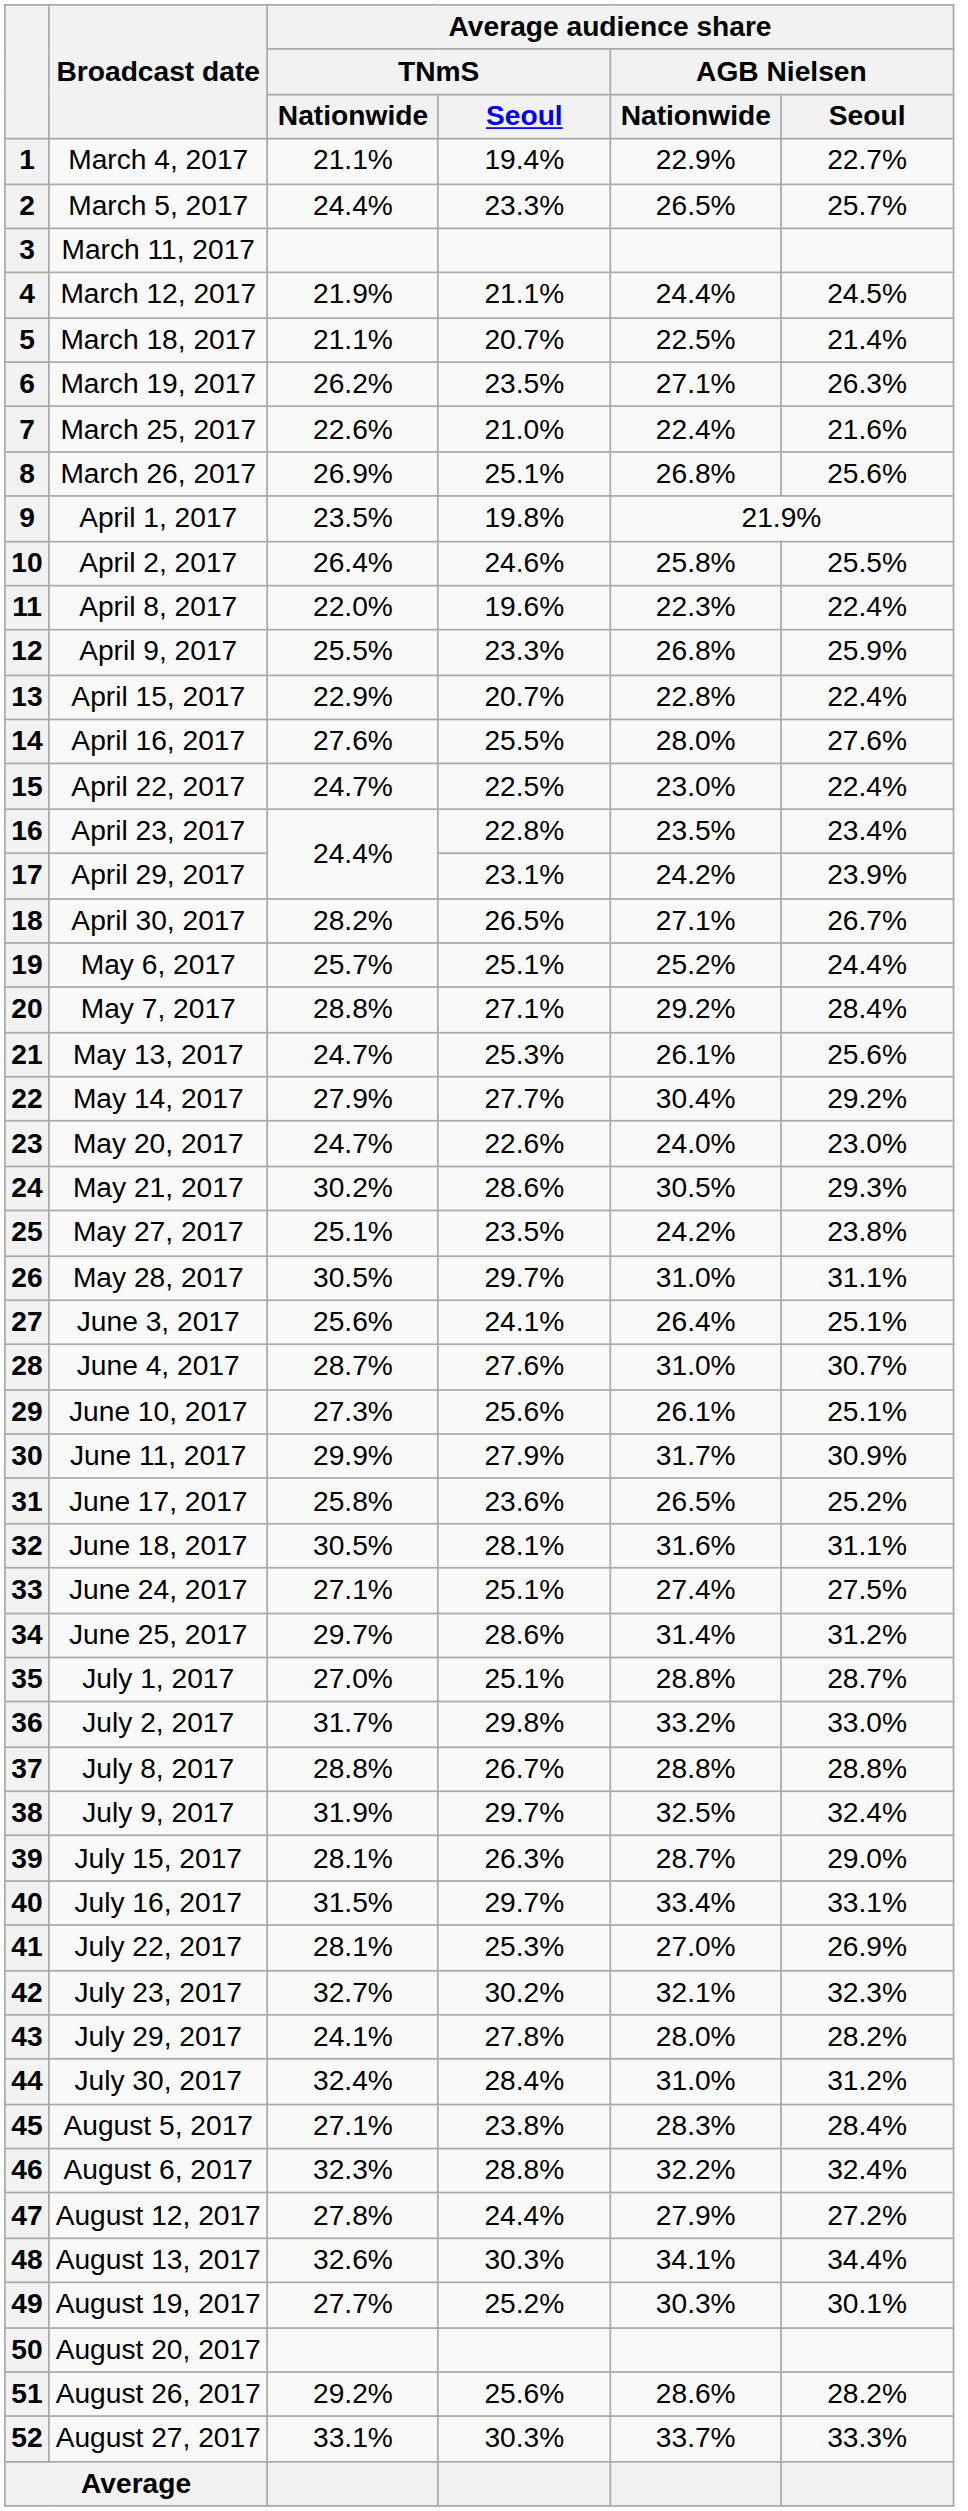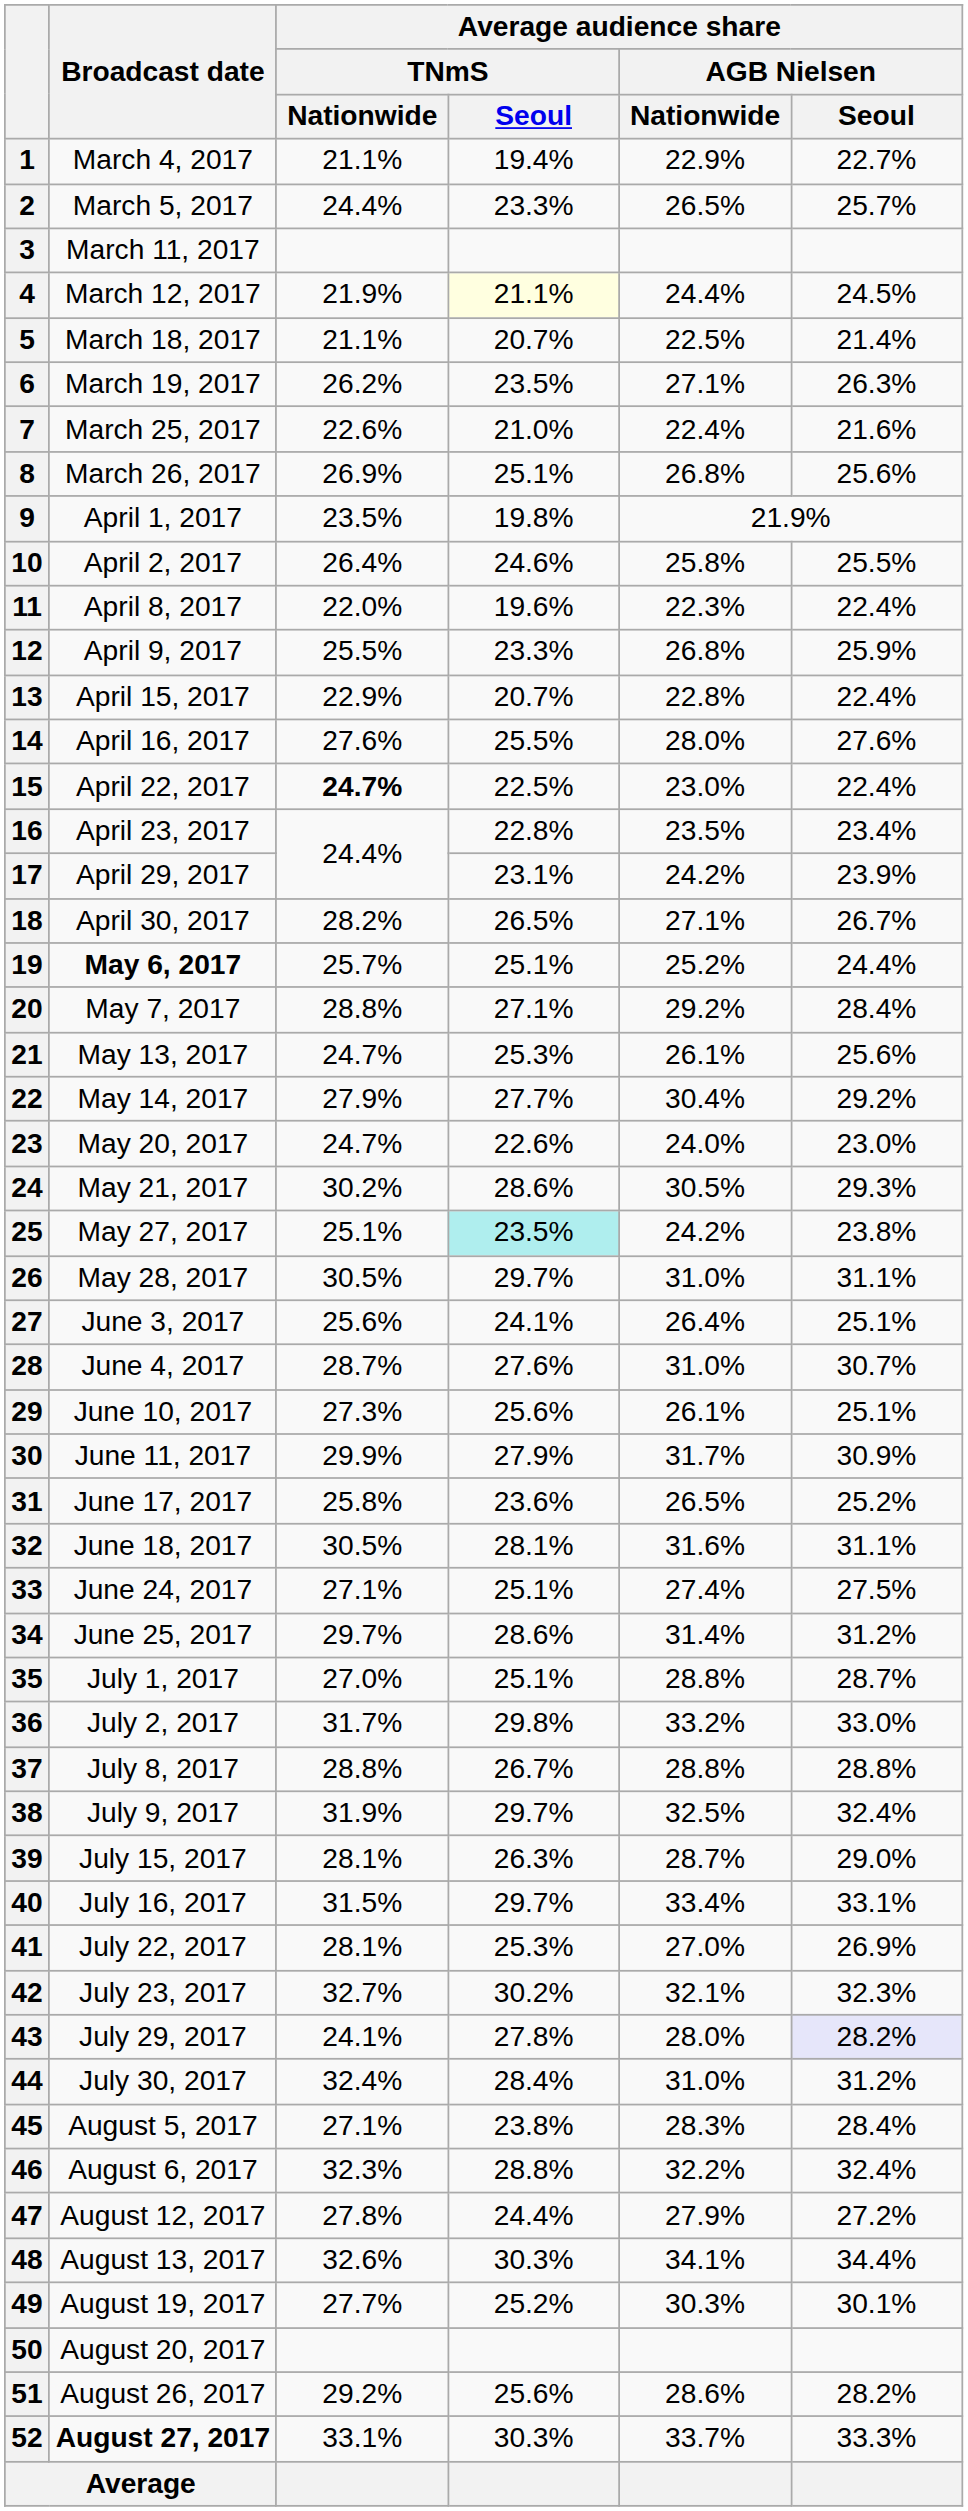 <table class="wikitable" style="text-align:center">
 <tr>
 <th rowspan="3"></th>
 <th rowspan="3">Broadcast date</th>
 <th colspan="4">Average audience share</th>
 </tr>
 <tr>
 <th colspan="2">TNmS</th>
 <th colspan="2">AGB Nielsen</th>
 </tr>
 <tr>
 <th width=90>Nationwide</th>
 <th width=90><a href='#'>Seoul</a></th>
 <th width=90>Nationwide</th>
 <th width=90>Seoul</th>
 </tr>
 <tr>
 <th>1</th>
 <td>March 4, 2017</td>
 <td>21.1% </td>
 <td>19.4% </td>
 <td>22.9% </td>
 <td>22.7% </td>
 </tr>
 <tr>
 <th>2</th>
 <td>March 5, 2017</td>
 <td>24.4% </td>
 <td>23.3% </td>
 <td>26.5% </td>
 <td>25.7% </td>
 </tr>
 <tr>
 <th>3</th>
 <td>March 11, 2017</td>
 <td> </td>
 <td> </td>
 <td> </td>
 <td> </td>
 </tr>
 <tr>
 <th>4</th>
 <td>March 12, 2017</td>
 <td>21.9% </td>
-<td>21.1% </td>
+<td style="background: lightyellow;">21.1% </td>
 <td>24.4% </td>
 <td>24.5% </td>
 </tr>
 <tr>
 <th>5</th>
 <td>March 18, 2017</td>
 <td>21.1% </td>
 <td>20.7% </td>
 <td>22.5% </td>
 <td>21.4% </td>
 </tr>
 <tr>
 <th>6</th>
 <td>March 19, 2017</td>
 <td>26.2% </td>
 <td>23.5% </td>
 <td>27.1% </td>
 <td>26.3% </td>
 </tr>
 <tr>
 <th>7</th>
 <td>March 25, 2017</td>
 <td>22.6% </td>
 <td>21.0% </td>
 <td>22.4% </td>
 <td>21.6% </td>
 </tr>
 <tr>
 <th>8</th>
 <td>March 26, 2017</td>
 <td>26.9% </td>
 <td>25.1% </td>
 <td>26.8% </td>
 <td>25.6% </td>
 </tr>
 <tr>
 <th>9</th>
 <td>April 1, 2017</td>
 <td>23.5% </td>
 <td>19.8% </td>
 <td colspan="2">21.9% </td>
 </tr>
 <tr>
 <th>10</th>
 <td>April 2, 2017</td>
 <td>26.4% </td>
 <td>24.6% </td>
 <td>25.8% </td>
 <td>25.5% </td>
 </tr>
 <tr>
 <th>11</th>
 <td>April 8, 2017</td>
 <td>22.0% </td>
 <td>19.6% </td>
 <td>22.3% </td>
 <td>22.4% </td>
 </tr>
 <tr>
 <th>12</th>
 <td>April 9, 2017</td>
 <td>25.5% </td>
 <td>23.3% </td>
 <td>26.8% </td>
 <td>25.9% </td>
 </tr>
 <tr>
 <th>13</th>
 <td>April 15, 2017</td>
 <td>22.9% </td>
 <td>20.7% </td>
 <td>22.8% </td>
 <td>22.4% </td>
 </tr>
 <tr>
 <th>14</th>
 <td>April 16, 2017</td>
 <td>27.6% </td>
 <td>25.5% </td>
 <td>28.0% </td>
 <td>27.6% </td>
 </tr>
 <tr>
 <th>15</th>
 <td>April 22, 2017</td>
-<td>24.7% </td>
+<td><strong>24.7% </strong></td>
 <td>22.5% </td>
 <td>23.0% </td>
 <td>22.4% </td>
 </tr>
 <tr>
 <th>16</th>
 <td>April 23, 2017</td>
 <td rowspan="2">24.4% </td>
 <td>22.8% </td>
 <td>23.5% </td>
 <td>23.4% </td>
 </tr>
 <tr>
 <th>17</th>
 <td>April 29, 2017</td>
 <td>23.1% </td>
 <td>24.2% </td>
 <td>23.9% </td>
 </tr>
 <tr>
 <th>18</th>
 <td>April 30, 2017</td>
 <td>28.2% </td>
 <td>26.5% </td>
 <td>27.1% </td>
 <td>26.7% </td>
 </tr>
 <tr>
 <th>19</th>
-<td>May 6, 2017</td>
+<td><strong>May 6, 2017</strong></td>
 <td>25.7% </td>
 <td>25.1% </td>
 <td>25.2% </td>
 <td>24.4% </td>
 </tr>
 <tr>
 <th>20</th>
 <td>May 7, 2017</td>
 <td>28.8%  </td>
 <td>27.1% </td>
 <td>29.2% </td>
 <td>28.4% </td>
 </tr>
 <tr>
 <th>21</th>
 <td>May 13, 2017</td>
 <td>24.7% </td>
 <td>25.3% </td>
 <td>26.1% </td>
 <td>25.6% </td>
 </tr>
 <tr>
 <th>22</th>
 <td>May 14, 2017</td>
 <td>27.9% </td>
 <td>27.7% </td>
 <td>30.4% </td>
 <td>29.2% </td>
 </tr>
 <tr>
 <th>23</th>
 <td>May 20, 2017</td>
 <td>24.7% </td>
 <td>22.6% </td>
 <td>24.0% </td>
 <td>23.0% </td>
 </tr>
 <tr>
 <th>24</th>
 <td>May 21, 2017</td>
 <td>30.2% </td>
 <td>28.6% </td>
 <td>30.5% </td>
 <td>29.3% </td>
 </tr>
 <tr>
 <th>25</th>
 <td>May 27, 2017</td>
 <td>25.1% </td>
-<td>23.5% </td>
+<td style="background: paleturquoise;">23.5% </td>
 <td>24.2% </td>
 <td>23.8% </td>
 </tr>
 <tr>
 <th>26</th>
 <td>May 28, 2017</td>
 <td>30.5% </td>
 <td>29.7% </td>
 <td>31.0% </td>
 <td>31.1% </td>
 </tr>
 <tr>
 <th>27</th>
 <td>June 3, 2017</td>
 <td>25.6% </td>
 <td>24.1% </td>
 <td>26.4% </td>
 <td>25.1% </td>
 </tr>
 <tr>
 <th>28</th>
 <td>June 4, 2017</td>
 <td>28.7% </td>
 <td>27.6% </td>
 <td>31.0% </td>
 <td>30.7% </td>
 </tr>
 <tr>
 <th>29</th>
 <td>June 10, 2017</td>
 <td>27.3% </td>
 <td>25.6% </td>
 <td>26.1% </td>
 <td>25.1% </td>
 </tr>
 <tr>
 <th>30</th>
 <td>June 11, 2017</td>
 <td>29.9% </td>
 <td>27.9% </td>
 <td>31.7% </td>
 <td>30.9% </td>
 </tr>
 <tr>
 <th>31</th>
 <td>June 17, 2017</td>
 <td>25.8% </td>
 <td>23.6% </td>
 <td>26.5% </td>
 <td>25.2% </td>
 </tr>
 <tr>
 <th>32</th>
 <td>June 18, 2017</td>
 <td>30.5% </td>
 <td>28.1% </td>
 <td>31.6% </td>
 <td>31.1% </td>
 </tr>
 <tr>
 <th>33</th>
 <td>June 24, 2017</td>
 <td>27.1% </td>
 <td>25.1% </td>
 <td>27.4% </td>
 <td>27.5% </td>
 </tr>
 <tr>
 <th>34</th>
 <td>June 25, 2017</td>
 <td>29.7% </td>
 <td>28.6% </td>
 <td>31.4% </td>
 <td>31.2% </td>
 </tr>
 <tr>
 <th>35</th>
 <td>July 1, 2017</td>
 <td>27.0% </td>
 <td>25.1% </td>
 <td>28.8% </td>
 <td>28.7% </td>
 </tr>
 <tr>
 <th>36</th>
 <td>July 2, 2017</td>
 <td>31.7% </td>
 <td>29.8% </td>
 <td>33.2% </td>
 <td>33.0% </td>
 </tr>
 <tr>
 <th>37</th>
 <td>July 8, 2017</td>
 <td>28.8% </td>
 <td>26.7% </td>
 <td>28.8% </td>
 <td>28.8% </td>
 </tr>
 <tr>
 <th>38</th>
 <td>July 9, 2017</td>
 <td>31.9% </td>
 <td>29.7% </td>
 <td>32.5% </td>
 <td>32.4% </td>
 </tr>
 <tr>
 <th>39</th>
 <td>July 15, 2017</td>
 <td>28.1% </td>
 <td>26.3% </td>
 <td>28.7% </td>
 <td>29.0% </td>
 </tr>
 <tr>
 <th>40</th>
 <td>July 16, 2017</td>
 <td>31.5% </td>
 <td>29.7% </td>
 <td>33.4% </td>
 <td>33.1% </td>
 </tr>
 <tr>
 <th>41</th>
 <td>July 22, 2017</td>
 <td>28.1% </td>
 <td>25.3% </td>
 <td>27.0% </td>
 <td>26.9% </td>
 </tr>
 <tr>
 <th>42</th>
 <td>July 23, 2017</td>
 <td>32.7% </td>
 <td>30.2% </td>
 <td>32.1% </td>
 <td>32.3% </td>
 </tr>
 <tr>
 <th>43</th>
 <td>July 29, 2017</td>
 <td>24.1% </td>
 <td>27.8% </td>
 <td>28.0% </td>
-<td>28.2% </td>
+<td style="background: lavender;">28.2% </td>
 </tr>
 <tr>
 <th>44</th>
 <td>July 30, 2017</td>
 <td>32.4% </td>
 <td>28.4% </td>
 <td>31.0% </td>
 <td>31.2% </td>
 </tr>
 <tr>
 <th>45</th>
 <td>August 5, 2017</td>
 <td>27.1% </td>
 <td>23.8% </td>
 <td>28.3% </td>
 <td>28.4% </td>
 </tr>
 <tr>
 <th>46</th>
 <td>August 6, 2017</td>
 <td>32.3% </td>
 <td>28.8% </td>
 <td>32.2% </td>
 <td>32.4% </td>
 </tr>
 <tr>
 <th>47</th>
 <td>August 12, 2017</td>
 <td>27.8% </td>
 <td>24.4% </td>
 <td>27.9% </td>
 <td>27.2% </td>
 </tr>
 <tr>
 <th>48</th>
 <td>August 13, 2017</td>
 <td>32.6% </td>
 <td>30.3% </td>
 <td>34.1% </td>
 <td>34.4% </td>
 </tr>
 <tr>
 <th>49</th>
 <td>August 19, 2017</td>
 <td>27.7% </td>
 <td>25.2% </td>
 <td>30.3% </td>
 <td>30.1% </td>
 </tr>
 <tr>
 <th>50</th>
 <td>August 20, 2017</td>
 <td> </td>
 <td> </td>
 <td> </td>
 <td> </td>
 </tr>
 <tr>
 <th>51</th>
 <td>August 26, 2017</td>
 <td>29.2% </td>
 <td>25.6% </td>
 <td>28.6% </td>
 <td>28.2% </td>
 </tr>
 <tr>
 <th>52</th>
-<td>August 27, 2017</td>
+<td><strong>August 27, 2017</strong></td>
 <td>33.1% </td>
 <td>30.3% </td>
 <td>33.7% </td>
 <td>33.3% </td>
 </tr>
 <tr>
 <th colspan="2">Average</th>
 <th></th>
 <th></th>
 <th></th>
 <th></th>
 </tr>
 </table>
